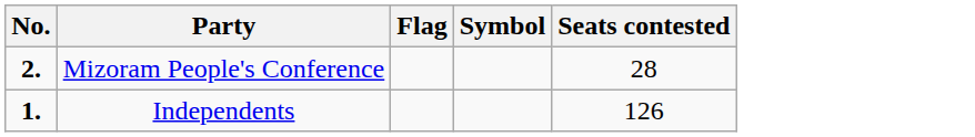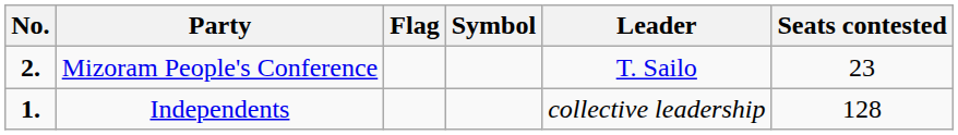 <table class="wikitable">
 <tr>
 <th>No.</th>
 <th>Party</th>
 <th>Flag</th>
 <th>Symbol</th>
+<th>Leader</th>
 <th>Seats contested</th>
 </tr>
 <tr>
 <td ! style="text-align:center; background:"><strong>2.</strong></td>
 <td style="text-align:center"><a href='#'>Mizoram People's Conference</a></td>
 <td></td>
 <td></td>
-<td style="text-align:center">28</td>
+<td style="text-align:center"><a href='#'>T. Sailo</a></td>
+<td style="text-align:center">23</td>
 </tr>
 <tr>
 <td ! style="text-align:center; background:"><strong>1.</strong></td>
 <td style="text-align:center"><a href='#'>Independents</a></td>
 <td></td>
 <td></td>
-<td style="text-align:center">126</td>
+<td style="text-align:center"><em>collective leadership</em></td>
+<td style="text-align:center">128</td>
 </tr>
 </table>
